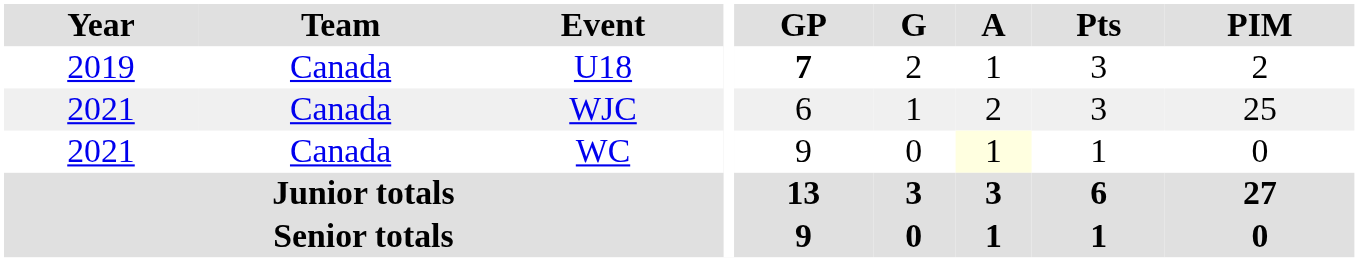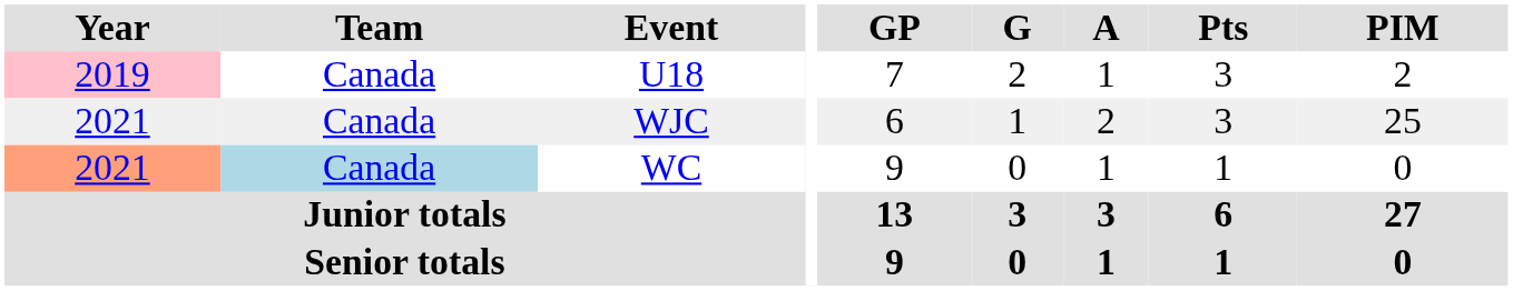 <table border="0" cellpadding="1" cellspacing="0" ID="Table3" style="text-align:center; width:40em;">
 <tr bgcolor="#e0e0e0">
 <th>Year</th>
 <th>Team</th>
 <th>Event</th>
 <th rowspan="102" bgcolor="#ffffff"></th>
 <th>GP</th>
 <th>G</th>
 <th>A</th>
 <th>Pts</th>
 <th>PIM</th>
 </tr>
 <tr>
-<td><a href='#'>2019</a></td>
+<td style="background: pink;"><a href='#'>2019</a></td>
 <td><a href='#'>Canada</a></td>
 <td><a href='#'>U18</a></td>
-<td><strong>7</strong></td>
+<td>7</td>
 <td>2</td>
 <td>1</td>
 <td>3</td>
 <td>2</td>
 </tr>
 <tr bgcolor="#f0f0f0">
 <td><a href='#'>2021</a></td>
 <td><a href='#'>Canada</a></td>
 <td><a href='#'>WJC</a></td>
 <td>6</td>
 <td>1</td>
 <td>2</td>
 <td>3</td>
 <td>25</td>
 </tr>
 <tr>
-<td><a href='#'>2021</a></td>
-<td><a href='#'>Canada</a></td>
+<td style="background: lightsalmon;"><a href='#'>2021</a></td>
+<td style="background: lightblue;"><a href='#'>Canada</a></td>
 <td><a href='#'>WC</a></td>
 <td>9</td>
 <td>0</td>
-<td style="background: lightyellow;">1</td>
+<td>1</td>
 <td>1</td>
 <td>0</td>
 </tr>
 <tr bgcolor="#e0e0e0">
 <th colspan="3">Junior totals</th>
 <th>13</th>
 <th>3</th>
 <th>3</th>
 <th>6</th>
 <th>27</th>
 </tr>
 <tr bgcolor="#e0e0e0">
 <th colspan="3">Senior totals</th>
 <th>9</th>
 <th>0</th>
 <th>1</th>
 <th>1</th>
 <th>0</th>
 </tr>
 </table>
